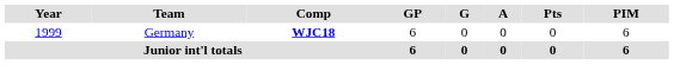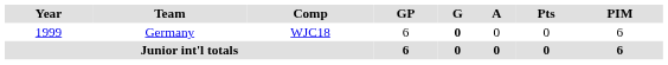 <table BORDER="0" CELLPADDING="2" CELLSPACING="0" width=40%>
 <tr ALIGN="center" bgcolor="#e0e0e0">
 <th>Year</th>
 <th>Team</th>
 <th>Comp</th>
 <th>GP</th>
 <th>G</th>
 <th>A</th>
 <th>Pts</th>
 <th>PIM</th>
 </tr>
 <tr ALIGN="center">
 <td><a href='#'>1999</a></td>
 <td><a href='#'>Germany</a></td>
-<td><strong><a href='#'>WJC18</a></strong></td>
+<td><a href='#'>WJC18</a></td>
 <td>6</td>
-<td>0</td>
+<td><strong>0</strong></td>
 <td>0</td>
 <td>0</td>
 <td>6</td>
 </tr>
 <tr bgcolor="#e0e0e0">
 <th colspan="3">Junior int'l totals</th>
 <th>6</th>
 <th>0</th>
 <th>0</th>
 <th>0</th>
 <th>6</th>
 </tr>
 </table>
